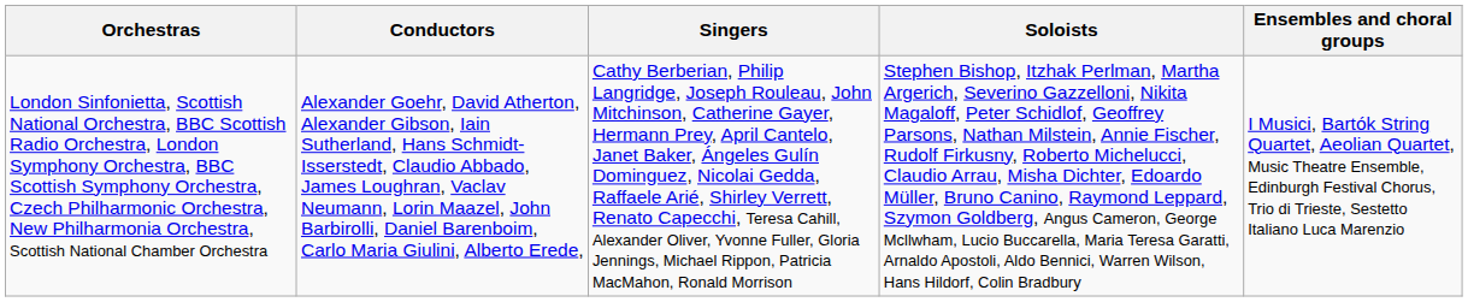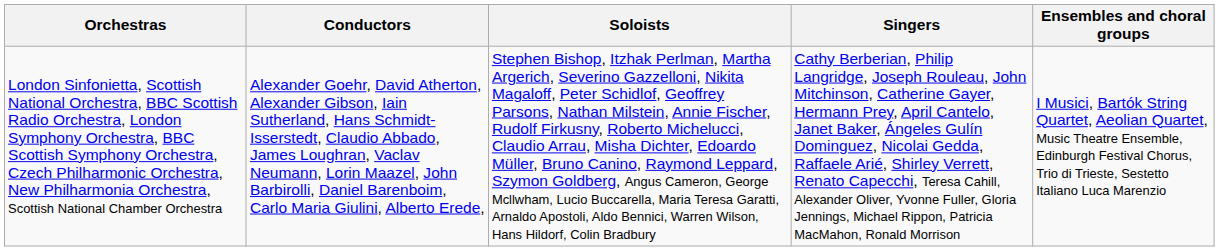 <table class="wikitable toptextcells">
 <tr class="hintergrundfarbe5">
 <th style="width:20%;">Orchestras</th>
 <th style="width:20%;">Conductors</th>
+<th style="width:25%;">Soloists</th>
 <th style="width:20%;">Singers</th>
-<th style="width:25%;">Soloists</th>
 <th style="width:15%;">Ensembles and choral groups</th>
 </tr>
 <tr>
 <td><a href='#'>London Sinfonietta</a>, <a href='#'>Scottish National Orchestra</a>, <a href='#'>BBC Scottish Radio Orchestra</a>, <a href='#'>London Symphony Orchestra</a>, <a href='#'>BBC Scottish Symphony Orchestra</a>, <a href='#'>Czech Philharmonic Orchestra</a>, <a href='#'>New Philharmonia Orchestra</a>, <small>Scottish National Chamber Orchestra</small></td>
 <td><a href='#'>Alexander Goehr</a>, <a href='#'>David Atherton</a>, <a href='#'>Alexander Gibson</a>, <a href='#'>Iain Sutherland</a>, <a href='#'>Hans Schmidt-Isserstedt</a>, <a href='#'>Claudio Abbado</a>, <a href='#'>James Loughran</a>, <a href='#'>Vaclav Neumann</a>, <a href='#'>Lorin Maazel</a>, <a href='#'>John Barbirolli</a>, <a href='#'>Daniel Barenboim</a>, <a href='#'>Carlo Maria Giulini</a>, <a href='#'>Alberto Erede</a>,</td>
+<td><a href='#'>Stephen Bishop</a>, <a href='#'>Itzhak Perlman</a>, <a href='#'>Martha Argerich</a>, <a href='#'>Severino Gazzelloni</a>, <a href='#'>Nikita Magaloff</a>, <a href='#'>Peter Schidlof</a>, <a href='#'>Geoffrey Parsons</a>, <a href='#'>Nathan Milstein</a>, <a href='#'>Annie Fischer</a>, <a href='#'>Rudolf Firkusny</a>, <a href='#'>Roberto Michelucci</a>, <a href='#'>Claudio Arrau</a>, <a href='#'>Misha Dichter</a>, <a href='#'>Edoardo Müller</a>, <a href='#'>Bruno Canino</a>, <a href='#'>Raymond Leppard</a>, <a href='#'>Szymon Goldberg</a>, <small>Angus Cameron, George Mcllwham, Lucio Buccarella, Maria Teresa Garatti, Arnaldo Apostoli, Aldo Bennici, Warren Wilson, Hans Hildorf, Colin Bradbury</small></td>
 <td><a href='#'>Cathy Berberian</a>, <a href='#'>Philip Langridge</a>, <a href='#'>Joseph Rouleau</a>, <a href='#'>John Mitchinson</a>, <a href='#'>Catherine Gayer</a>, <a href='#'>Hermann Prey</a>, <a href='#'>April Cantelo</a>, <a href='#'>Janet Baker</a>, <a href='#'>Ángeles Gulín Dominguez</a>, <a href='#'>Nicolai Gedda</a>, <a href='#'>Raffaele Arié</a>, <a href='#'>Shirley Verrett</a>, <a href='#'>Renato Capecchi</a>, <small>Teresa Cahill, Alexander Oliver, Yvonne Fuller, Gloria Jennings, Michael Rippon, Patricia MacMahon, Ronald Morrison</small></td>
-<td><a href='#'>Stephen Bishop</a>, <a href='#'>Itzhak Perlman</a>, <a href='#'>Martha Argerich</a>, <a href='#'>Severino Gazzelloni</a>, <a href='#'>Nikita Magaloff</a>, <a href='#'>Peter Schidlof</a>, <a href='#'>Geoffrey Parsons</a>, <a href='#'>Nathan Milstein</a>, <a href='#'>Annie Fischer</a>, <a href='#'>Rudolf Firkusny</a>, <a href='#'>Roberto Michelucci</a>, <a href='#'>Claudio Arrau</a>, <a href='#'>Misha Dichter</a>, <a href='#'>Edoardo Müller</a>, <a href='#'>Bruno Canino</a>, <a href='#'>Raymond Leppard</a>, <a href='#'>Szymon Goldberg</a>, <small>Angus Cameron, George Mcllwham, Lucio Buccarella, Maria Teresa Garatti, Arnaldo Apostoli, Aldo Bennici, Warren Wilson, Hans Hildorf, Colin Bradbury</small></td>
 <td><a href='#'>I Musici</a>, <a href='#'>Bartók String Quartet</a>, <a href='#'>Aeolian Quartet</a>, <small>Music Theatre Ensemble, Edinburgh Festival Chorus, Trio di Trieste, Sestetto Italiano Luca Marenzio</small></td>
 </tr>
 </table>
